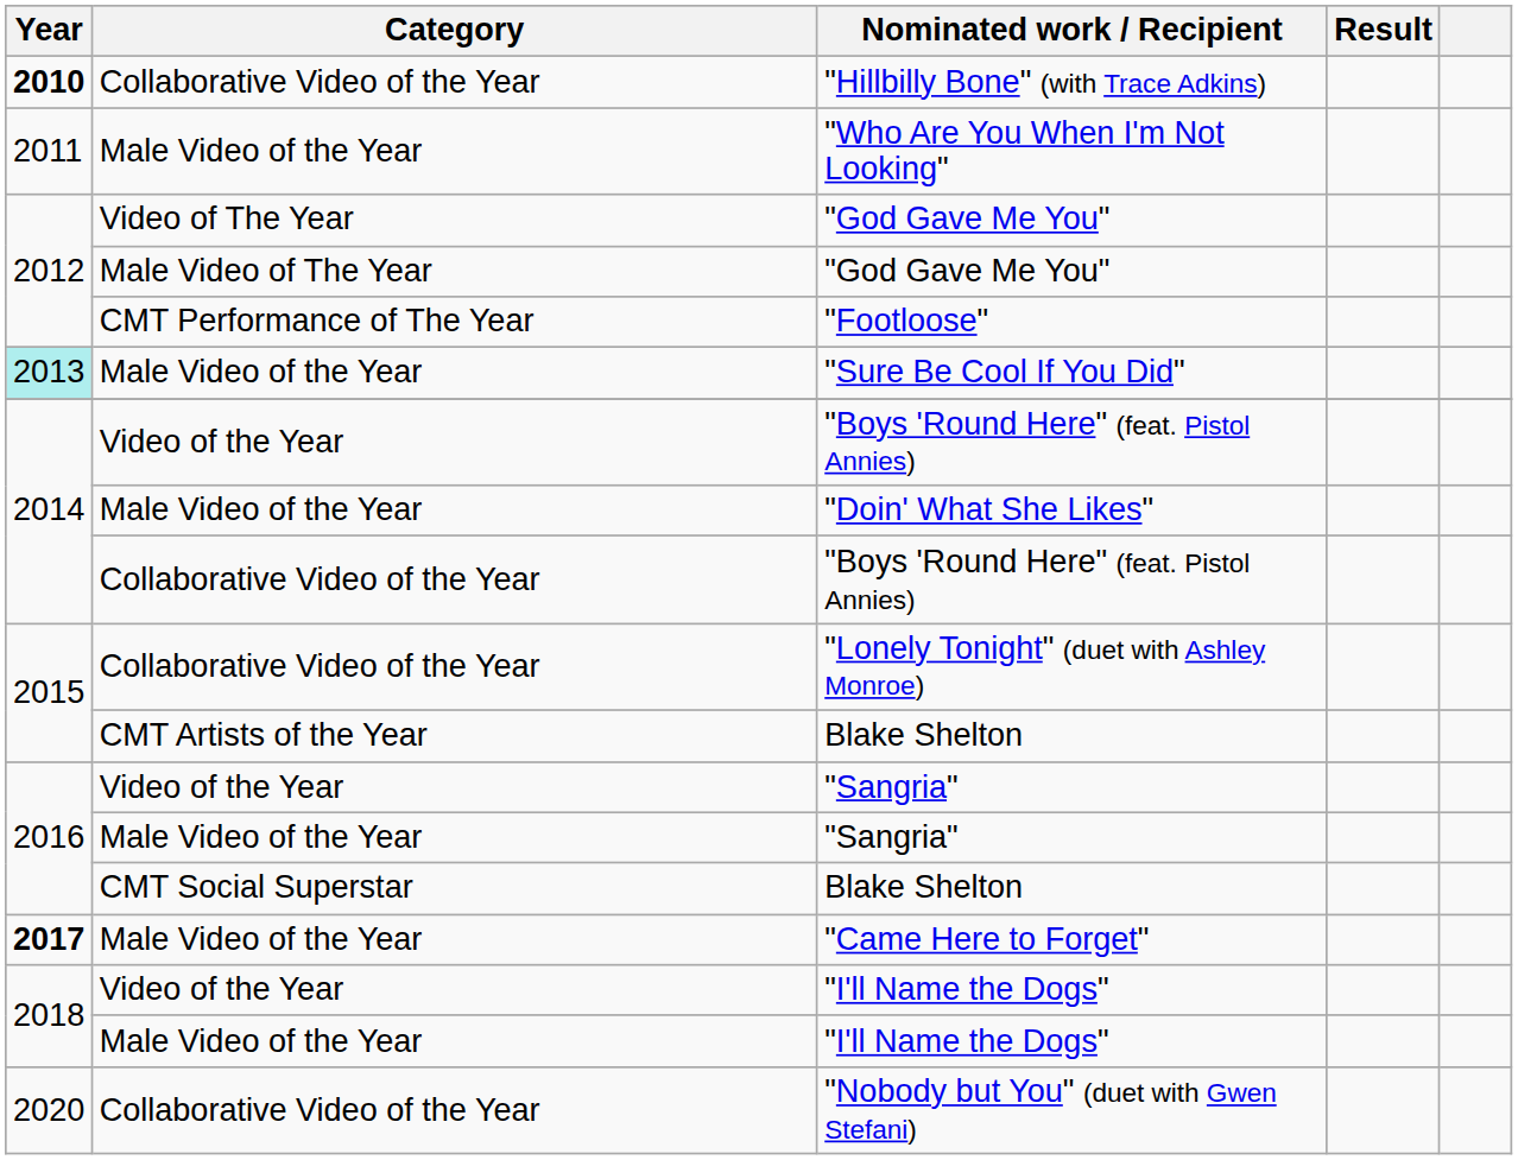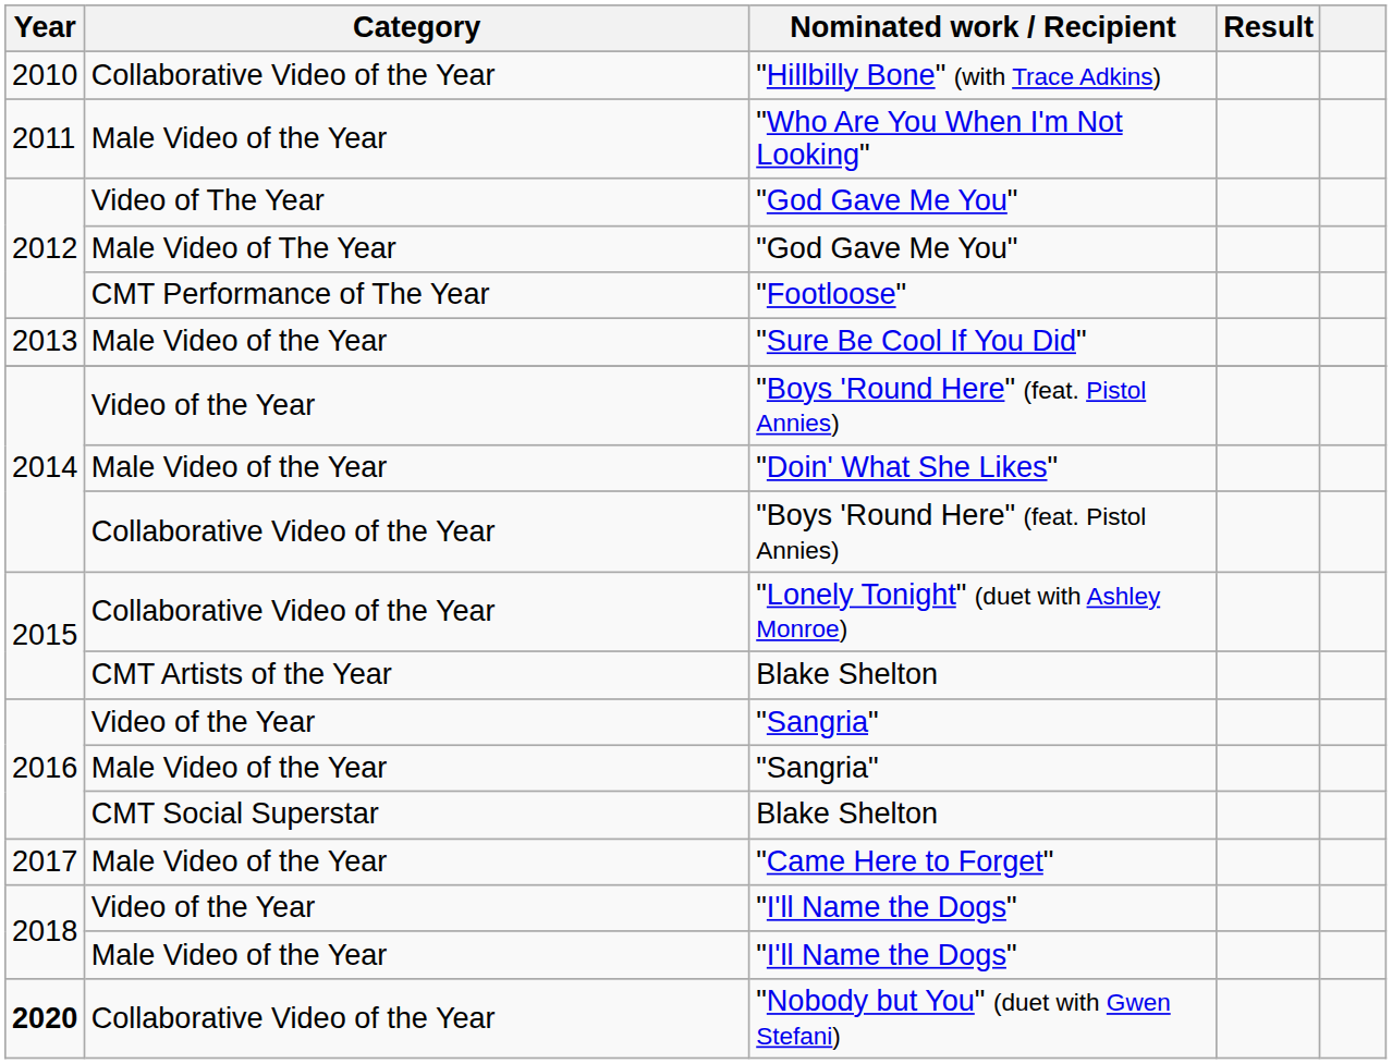 <table class="wikitable plainrowheaders" style="width:85%;">
 <tr>
 <th scope="col" style="width:4%;">Year</th>
 <th scope="col" style="width:50%;">Category</th>
 <th scope="col" style="width:35%;">Nominated work / Recipient</th>
 <th scope="col" style="width:6%;">Result</th>
 <th scope="col" style="width:6%;"></th>
 </tr>
 <tr>
-<td><strong>2010</strong></td>
+<td>2010</td>
 <td>Collaborative Video of the Year</td>
 <td>"<a href='#'>Hillbilly Bone</a>" <small>(with <a href='#'>Trace Adkins</a>)</small></td>
 <td></td>
 <td></td>
 </tr>
 <tr>
 <td>2011</td>
 <td>Male Video of the Year</td>
 <td>"<a href='#'>Who Are You When I'm Not Looking</a>"</td>
 <td></td>
 <td></td>
 </tr>
 <tr>
 <td rowspan="3">2012</td>
 <td>Video of The Year</td>
 <td>"<a href='#'>God Gave Me You</a>"</td>
 <td></td>
 <td></td>
 </tr>
 <tr>
 <td>Male Video of The Year</td>
 <td>"God Gave Me You"</td>
 <td></td>
 <td></td>
 </tr>
 <tr>
 <td>CMT Performance of The Year</td>
 <td>"<a href='#'>Footloose</a>"</td>
 <td></td>
 <td></td>
 </tr>
 <tr>
-<td style="background: paleturquoise;">2013</td>
+<td>2013</td>
 <td>Male Video of the Year</td>
 <td>"<a href='#'>Sure Be Cool If You Did</a>"</td>
 <td></td>
 <td></td>
 </tr>
 <tr>
 </tr>
 <tr>
 <td rowspan="3">2014</td>
 <td>Video of the Year</td>
 <td>"<a href='#'>Boys 'Round Here</a>" <small>(feat. <a href='#'>Pistol Annies</a>)</small></td>
 <td></td>
 <td></td>
 </tr>
 <tr>
 <td>Male Video of the Year</td>
 <td>"<a href='#'>Doin' What She Likes</a>"</td>
 <td></td>
 <td></td>
 </tr>
 <tr>
 <td>Collaborative Video of the Year</td>
 <td>"Boys 'Round Here" <small>(feat. Pistol Annies)</small></td>
 <td></td>
 <td></td>
 </tr>
 <tr>
 <td rowspan="2">2015</td>
 <td>Collaborative Video of the Year</td>
 <td>"<a href='#'>Lonely Tonight</a>" <small>(duet with <a href='#'>Ashley Monroe</a>)</small></td>
 <td></td>
 <td></td>
 </tr>
 <tr>
 <td>CMT Artists of the Year</td>
 <td>Blake Shelton</td>
 <td></td>
 <td></td>
 </tr>
 <tr>
 <td rowspan="3">2016</td>
 <td>Video of the Year</td>
 <td>"<a href='#'>Sangria</a>"</td>
 <td></td>
 <td></td>
 </tr>
 <tr>
 <td>Male Video of the Year</td>
 <td>"Sangria"</td>
 <td></td>
 <td></td>
 </tr>
 <tr>
 <td>CMT Social Superstar</td>
 <td>Blake Shelton</td>
 <td></td>
 <td></td>
 </tr>
 <tr>
-<td><strong>2017</strong></td>
+<td>2017</td>
 <td>Male Video of the Year</td>
 <td>"<a href='#'>Came Here to Forget</a>"</td>
 <td></td>
 <td></td>
 </tr>
 <tr>
 <td rowspan="2">2018</td>
 <td>Video of the Year</td>
 <td>"<a href='#'>I'll Name the Dogs</a>"</td>
 <td></td>
 <td></td>
 </tr>
 <tr>
 <td>Male Video of the Year</td>
 <td>"<a href='#'>I'll Name the Dogs</a>"</td>
 <td></td>
 <td></td>
 </tr>
 <tr>
-<td>2020</td>
+<td><strong>2020</strong></td>
 <td>Collaborative Video of the Year</td>
 <td>"<a href='#'>Nobody but You</a>" <small>(duet with <a href='#'>Gwen Stefani</a>)</small></td>
 <td></td>
 <td></td>
 </tr>
 </table>
